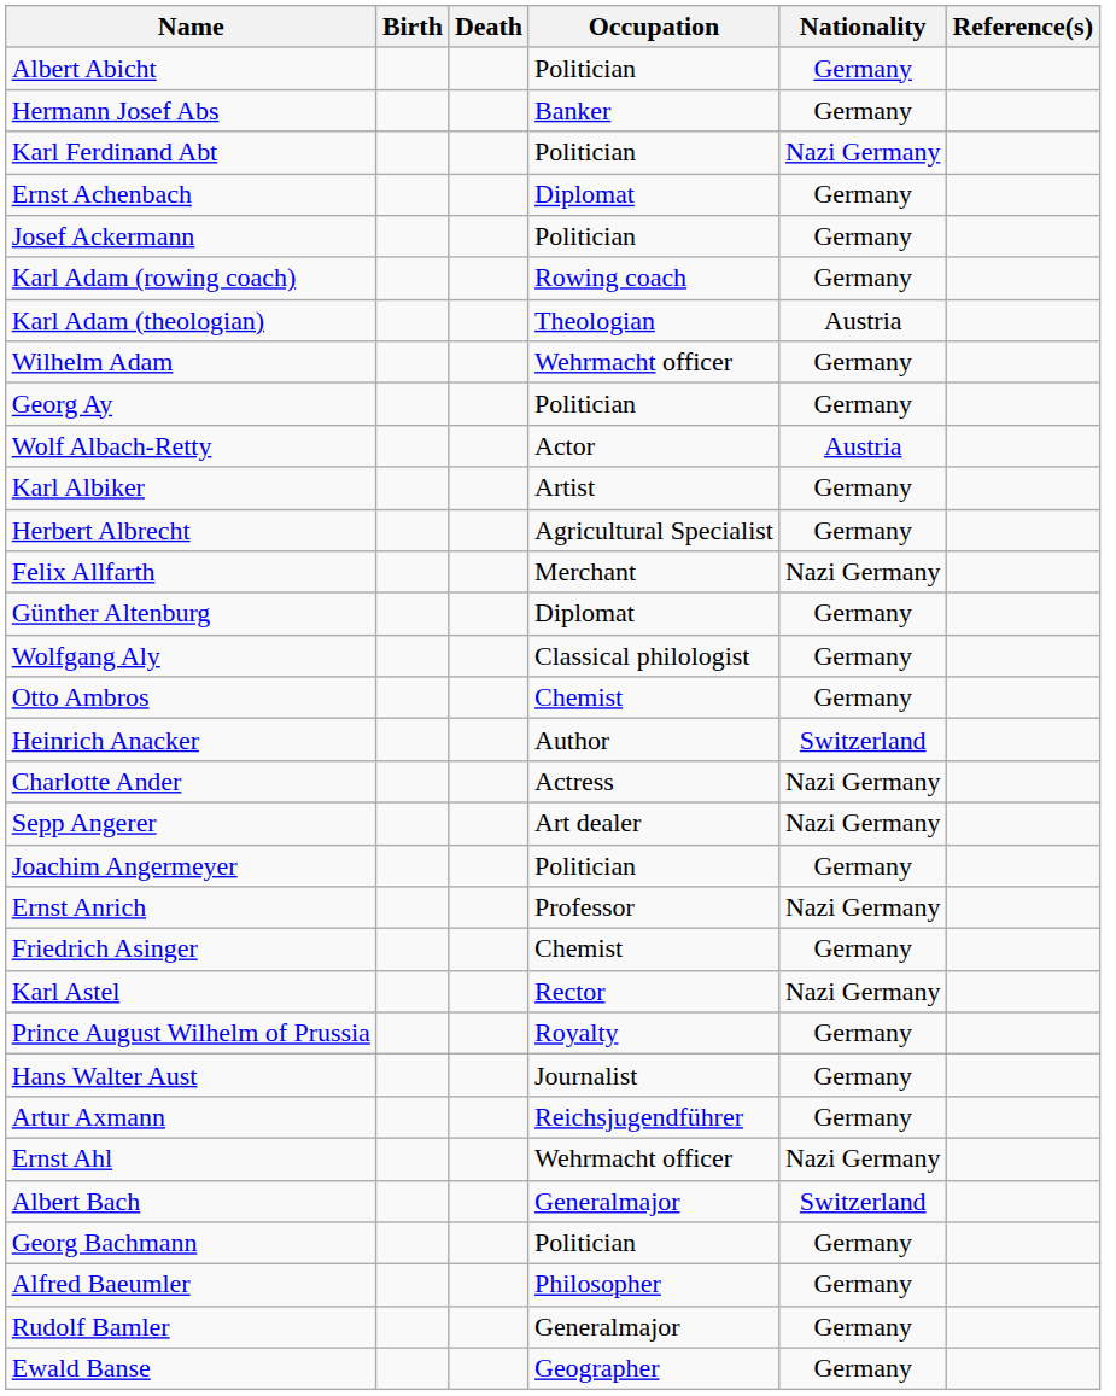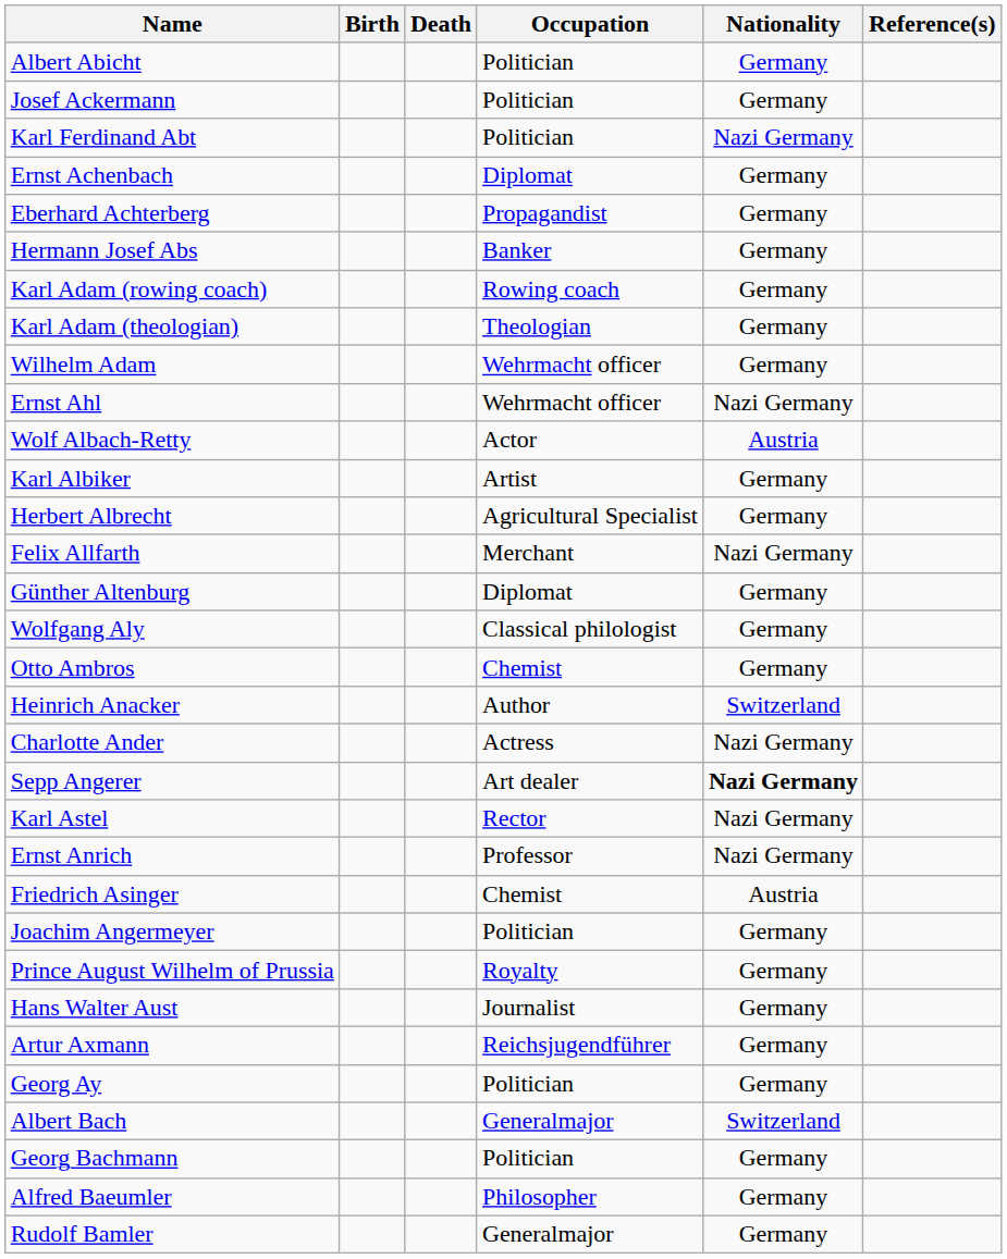 <table class="wikitable sortable">
 <tr>
 <th>Name</th>
 <th>Birth</th>
 <th>Death</th>
 <th>Occupation</th>
 <th>Nationality</th>
 <th class="unsortable">Reference(s)</th>
 </tr>
 <tr>
 <td><a href='#'>Albert Abicht</a></td>
 <td></td>
 <td></td>
 <td>Politician</td>
 <td align="center"><a href='#'>Germany</a></td>
 <td></td>
 </tr>
 <tr>
-<td><a href='#'>Hermann Josef Abs</a></td>
+<td><a href='#'>Josef Ackermann</a></td>
 <td></td>
 <td></td>
-<td><a href='#'>Banker</a></td>
+<td>Politician</td>
 <td align="center">Germany</td>
 <td></td>
 </tr>
 <tr>
 <td><a href='#'>Karl Ferdinand Abt</a></td>
 <td></td>
 <td></td>
 <td>Politician</td>
 <td align="center"><a href='#'>Nazi Germany</a></td>
 <td></td>
 </tr>
 <tr>
 <td><a href='#'>Ernst Achenbach</a></td>
 <td></td>
 <td></td>
 <td><a href='#'>Diplomat</a> </td>
 <td align="center">Germany</td>
 <td></td>
 </tr>
 <tr>
-<td><a href='#'>Josef Ackermann</a></td>
+<td><a href='#'>Eberhard Achterberg</a></td>
 <td></td>
 <td></td>
-<td>Politician</td>
+<td><a href='#'>Propagandist</a></td>
+<td align="center">Germany</td>
+<td></td>
+</tr>
+<tr>
+<td><a href='#'>Hermann Josef Abs</a></td>
+<td></td>
+<td></td>
+<td><a href='#'>Banker</a></td>
 <td align="center">Germany</td>
 <td></td>
 </tr>
 <tr>
 <td><a href='#'>Karl Adam (rowing coach)</a></td>
 <td></td>
 <td></td>
 <td><a href='#'>Rowing coach</a></td>
 <td align="center">Germany</td>
 <td></td>
 </tr>
 <tr>
 <td><a href='#'>Karl Adam (theologian)</a></td>
 <td></td>
 <td></td>
 <td><a href='#'>Theologian</a></td>
-<td align="center">Austria</td>
+<td align="center">Germany</td>
 <td></td>
 </tr>
 <tr>
 <td><a href='#'>Wilhelm Adam</a></td>
 <td></td>
 <td></td>
 <td><a href='#'>Wehrmacht</a> officer</td>
 <td align="center">Germany</td>
 <td></td>
 </tr>
 <tr>
-<td><a href='#'>Georg Ay</a></td>
+<td><a href='#'>Ernst Ahl</a></td>
 <td></td>
 <td></td>
-<td>Politician</td>
-<td align="center">Germany</td>
+<td>Wehrmacht officer</td>
+<td align="center">Nazi Germany</td>
 <td></td>
 </tr>
 <tr>
 <td><a href='#'>Wolf Albach-Retty</a></td>
 <td></td>
 <td></td>
 <td>Actor</td>
 <td align="center"><a href='#'>Austria</a></td>
 <td></td>
 </tr>
 <tr>
 <td><a href='#'>Karl Albiker</a></td>
 <td></td>
 <td></td>
 <td>Artist</td>
 <td align="center">Germany</td>
 <td></td>
 </tr>
 <tr>
 <td><a href='#'>Herbert Albrecht</a></td>
 <td></td>
 <td></td>
 <td>Agricultural Specialist</td>
 <td align="center">Germany</td>
 <td></td>
 </tr>
 <tr>
 <td><a href='#'>Felix Allfarth</a></td>
 <td></td>
 <td></td>
 <td>Merchant</td>
 <td align="center">Nazi Germany</td>
 <td></td>
 </tr>
 <tr>
 <td><a href='#'>Günther Altenburg</a></td>
 <td></td>
 <td></td>
 <td>Diplomat</td>
 <td align="center">Germany</td>
 <td></td>
 </tr>
 <tr>
 <td><a href='#'>Wolfgang Aly</a></td>
 <td></td>
 <td></td>
 <td>Classical philologist</td>
 <td align="center">Germany</td>
 <td></td>
 </tr>
 <tr>
 <td><a href='#'>Otto Ambros</a></td>
 <td></td>
 <td></td>
 <td><a href='#'>Chemist</a></td>
 <td align="center">Germany</td>
 <td></td>
 </tr>
 <tr>
 <td><a href='#'>Heinrich Anacker</a></td>
 <td></td>
 <td></td>
 <td>Author</td>
 <td align="center"><a href='#'>Switzerland</a></td>
 <td></td>
 </tr>
 <tr>
 <td><a href='#'>Charlotte Ander</a></td>
 <td></td>
 <td></td>
 <td>Actress</td>
 <td align="center">Nazi Germany</td>
 <td></td>
 </tr>
 <tr>
 <td><a href='#'>Sepp Angerer</a></td>
 <td></td>
 <td></td>
 <td>Art dealer</td>
-<td align="center">Nazi Germany</td>
+<td align="center"><strong>Nazi Germany</strong></td>
 <td></td>
 </tr>
 <tr>
-<td><a href='#'>Joachim Angermeyer</a></td>
+<td><a href='#'>Karl Astel</a></td>
 <td></td>
 <td></td>
-<td>Politician</td>
-<td align="center">Germany</td>
+<td><a href='#'>Rector</a></td>
+<td align="center">Nazi Germany</td>
 <td></td>
 </tr>
 <tr>
 <td><a href='#'>Ernst Anrich</a></td>
 <td></td>
 <td></td>
 <td>Professor</td>
 <td align="center">Nazi Germany</td>
 <td></td>
 </tr>
 <tr>
 <td><a href='#'>Friedrich Asinger</a></td>
 <td></td>
 <td></td>
 <td>Chemist</td>
-<td align="center">Germany</td>
+<td align="center">Austria</td>
 <td></td>
 </tr>
 <tr>
-<td><a href='#'>Karl Astel</a></td>
+<td><a href='#'>Joachim Angermeyer</a></td>
 <td></td>
 <td></td>
-<td><a href='#'>Rector</a></td>
-<td align="center">Nazi Germany</td>
+<td>Politician</td>
+<td align="center">Germany</td>
 <td></td>
 </tr>
 <tr>
 <td><a href='#'>Prince August Wilhelm of Prussia</a></td>
 <td></td>
 <td></td>
 <td><a href='#'>Royalty</a></td>
 <td align="center">Germany</td>
 <td></td>
 </tr>
 <tr>
 <td><a href='#'>Hans Walter Aust</a></td>
 <td></td>
 <td></td>
 <td>Journalist</td>
 <td align="center">Germany</td>
 <td></td>
 </tr>
 <tr>
 <td><a href='#'>Artur Axmann</a></td>
 <td></td>
 <td></td>
 <td><a href='#'>Reichsjugendführer</a></td>
 <td align="center">Germany</td>
 <td></td>
 </tr>
 <tr>
-<td><a href='#'>Ernst Ahl</a></td>
+<td><a href='#'>Georg Ay</a></td>
 <td></td>
 <td></td>
-<td>Wehrmacht officer</td>
-<td align="center">Nazi Germany</td>
+<td>Politician</td>
+<td align="center">Germany</td>
 <td></td>
 </tr>
 <tr>
 <td><a href='#'>Albert Bach</a></td>
 <td></td>
 <td></td>
 <td><a href='#'>Generalmajor</a></td>
 <td align="center"><a href='#'>Switzerland</a></td>
 <td></td>
 </tr>
 <tr>
 <td><a href='#'>Georg Bachmann</a></td>
 <td></td>
 <td></td>
 <td>Politician</td>
 <td align="center">Germany</td>
 <td></td>
 </tr>
 <tr>
 <td><a href='#'>Alfred Baeumler</a></td>
 <td></td>
 <td></td>
 <td><a href='#'>Philosopher</a></td>
 <td align="center">Germany</td>
 <td></td>
 </tr>
 <tr>
 <td><a href='#'>Rudolf Bamler</a></td>
 <td></td>
 <td></td>
 <td>Generalmajor</td>
 <td align="center">Germany</td>
 <td></td>
 </tr>
-<tr>
-<td><a href='#'>Ewald Banse</a></td>
-<td></td>
-<td></td>
-<td><a href='#'>Geographer</a></td>
-<td align="center">Germany</td>
-<td></td>
-</tr>
 </table>
